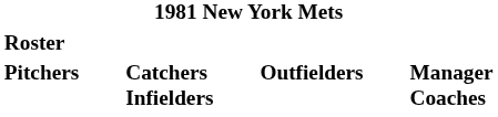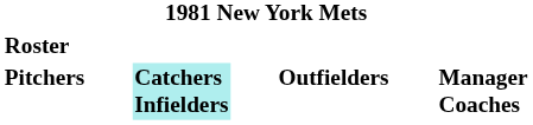 <table class="toccolours" style="font-size: 95%;">
 <tr>
 <th colspan="10">1981 New York Mets</th>
 </tr>
 <tr>
 <td colspan="10"><strong>Roster</strong></td>
 </tr>
 <tr>
 <td valign="top"><strong>Pitchers</strong><br>                  </td>
 <td width="25px"></td>
-<td valign="top"><strong>Catchers</strong><br>   <strong>Infielders</strong>           </td>
+<td valign="top" style="background: paleturquoise;"><strong>Catchers</strong><br>   <strong>Infielders</strong>           </td>
 <td width="25px"></td>
 <td valign="top"><strong>Outfielders</strong><br>    </td>
 <td width="25px"></td>
 <td valign="top"><strong>Manager</strong><br> <strong>Coaches</strong>     </td>
 </tr>
 </table>
